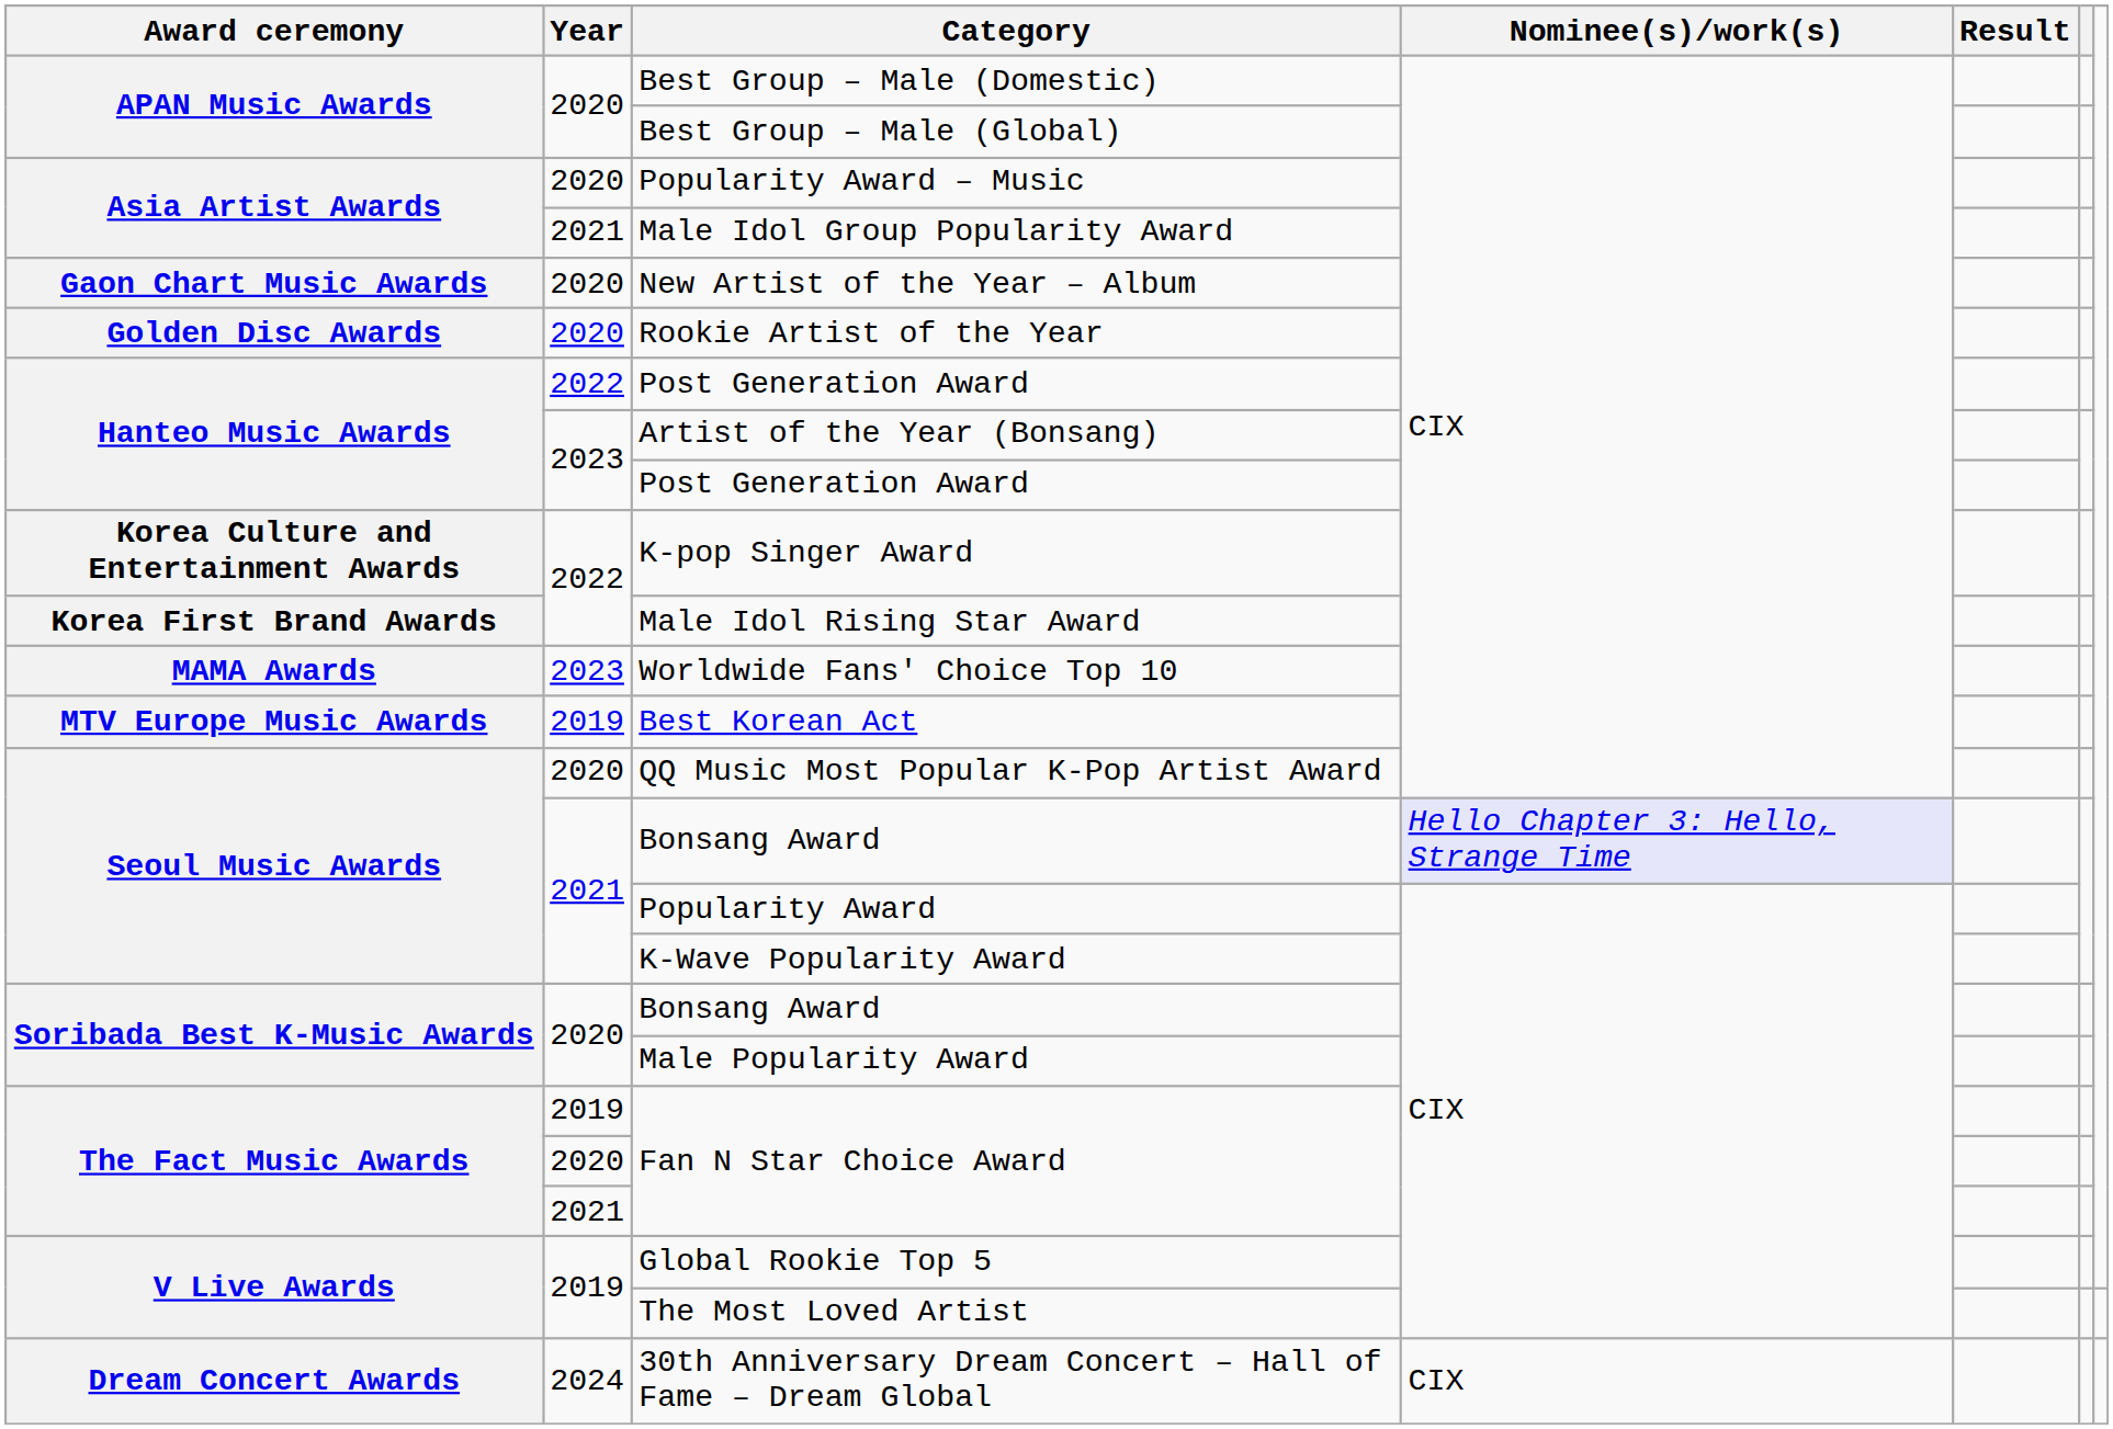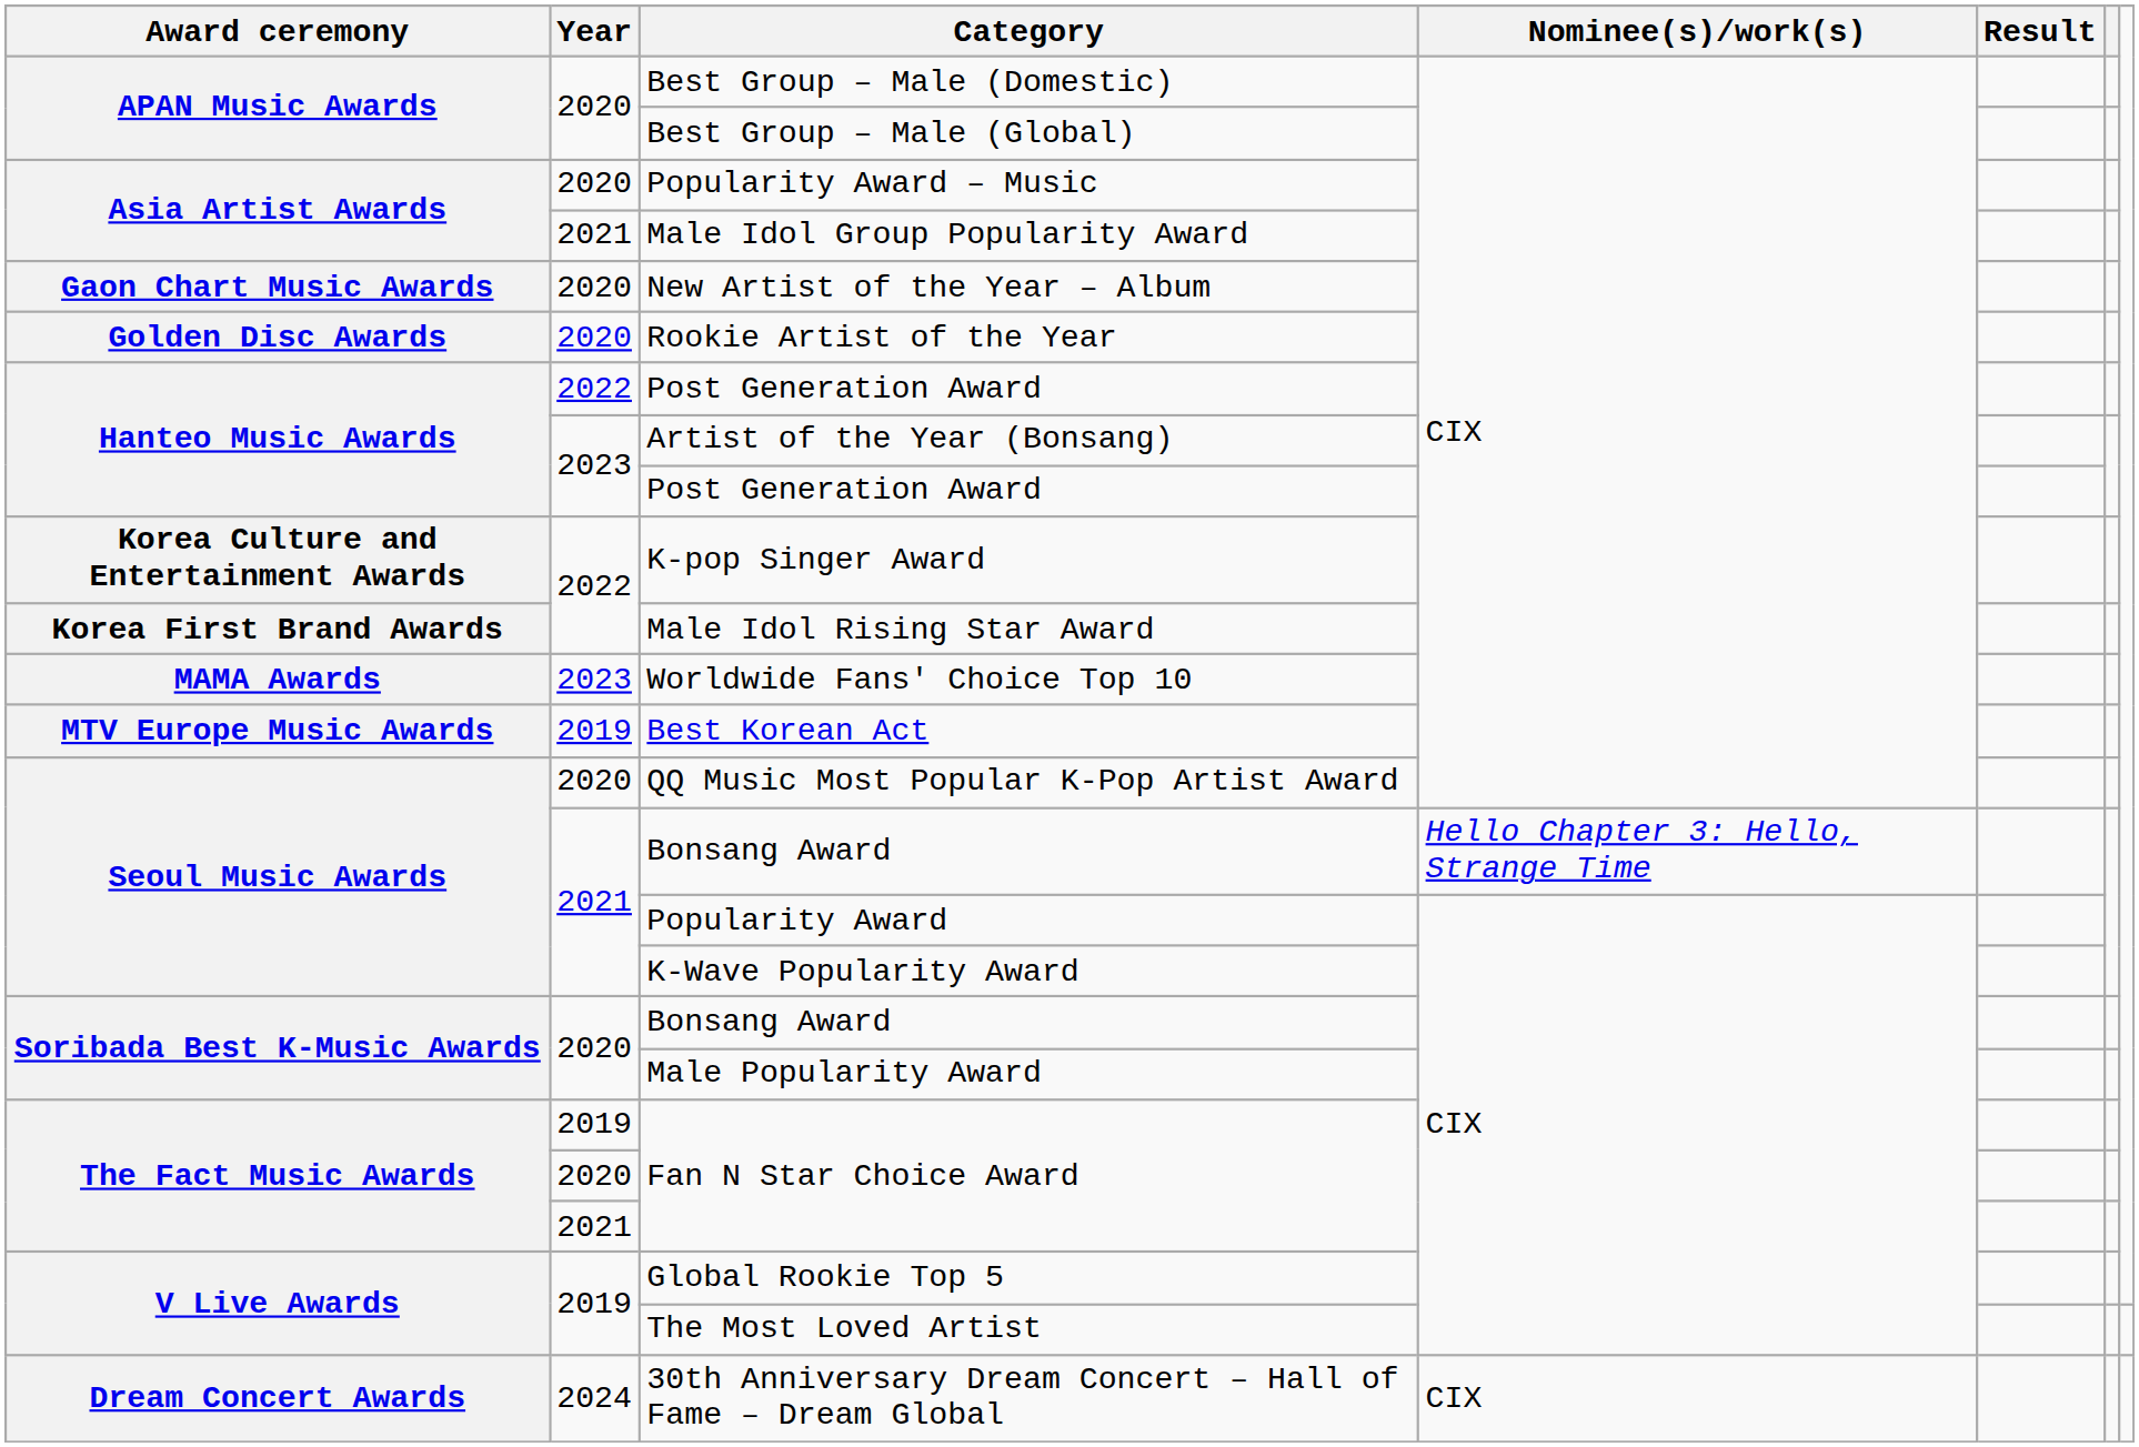 <table class="wikitable plainrowheaders sortable" style="width: 100%">
 <tr>
 <th scope="col">Award ceremony</th>
 <th scope="col">Year</th>
 <th scope="col">Category</th>
 <th scope="col">Nominee(s)/work(s)</th>
 <th scope="col">Result</th>
 <th scope="col" class="unsortable"></th>
 </tr>
 <tr>
 <th scope="row" rowspan="2"><a href='#'>APAN Music Awards</a></th>
 <td rowspan="2">2020</td>
 <td>Best Group – Male (Domestic)</td>
 <td rowspan="14">CIX</td>
 <td></td>
 <td style="text-align:center"></td>
 </tr>
 <tr>
 <td>Best Group – Male (Global)</td>
 <td></td>
 <td style="text-align:center"></td>
 </tr>
 <tr>
 <th scope="row" rowspan="2"><a href='#'>Asia Artist Awards</a></th>
 <td>2020</td>
 <td>Popularity Award – Music</td>
 <td></td>
 <td style="text-align:center"></td>
 </tr>
 <tr>
 <td>2021</td>
 <td>Male Idol Group Popularity Award</td>
 <td></td>
 <td style="text-align:center"></td>
 </tr>
 <tr>
 <th scope="row"><a href='#'>Gaon Chart Music Awards</a></th>
 <td>2020</td>
 <td>New Artist of the Year – Album</td>
 <td></td>
 <td style="text-align:center"></td>
 </tr>
 <tr>
 <th scope="row"><a href='#'>Golden Disc Awards</a></th>
 <td><a href='#'>2020</a></td>
 <td>Rookie Artist of the Year</td>
 <td></td>
 <td style="text-align:center"></td>
 </tr>
 <tr>
 <th scope="row" rowspan="3"><a href='#'>Hanteo Music Awards</a></th>
 <td><a href='#'>2022</a></td>
 <td>Post Generation Award</td>
 <td></td>
 <td style="text-align:center"></td>
 </tr>
 <tr>
 <td rowspan="2">2023</td>
 <td>Artist of the Year (Bonsang)</td>
 <td></td>
 <td rowspan="2" style="text-align:center"></td>
 </tr>
 <tr>
 <td>Post Generation Award</td>
 <td></td>
 </tr>
 <tr>
 <th scope="row">Korea Culture and Entertainment Awards</th>
 <td rowspan="2">2022</td>
 <td>K-pop Singer Award</td>
 <td></td>
 <td style="text-align:center"></td>
 </tr>
 <tr>
 <th scope="row">Korea First Brand Awards</th>
 <td>Male Idol Rising Star Award</td>
 <td></td>
 <td style="text-align:center"></td>
 </tr>
 <tr>
 <th scope="row"><a href='#'>MAMA Awards</a></th>
 <td><a href='#'>2023</a></td>
 <td>Worldwide Fans' Choice Top 10</td>
 <td></td>
 <td style="text-align:center"></td>
 </tr>
 <tr>
 <th scope="row"><a href='#'>MTV Europe Music Awards</a></th>
 <td><a href='#'>2019</a></td>
 <td><a href='#'>Best Korean Act</a></td>
 <td></td>
 <td style="text-align:center"></td>
 </tr>
 <tr>
 <th scope="row" rowspan="4"><a href='#'>Seoul Music Awards</a></th>
 <td>2020</td>
 <td>QQ Music Most Popular K-Pop Artist Award</td>
 <td></td>
 <td style="text-align:center"></td>
 </tr>
 <tr>
 <td rowspan="3"><a href='#'>2021</a></td>
 <td>Bonsang Award</td>
-<td style="background: lavender;"><em><a href='#'>Hello Chapter 3: Hello, Strange Time</a></em></td>
+<td><em><a href='#'>Hello Chapter 3: Hello, Strange Time</a></em></td>
 <td></td>
 <td rowspan="3" style="text-align:center"></td>
 </tr>
 <tr>
 <td>Popularity Award</td>
 <td rowspan="9">CIX</td>
 <td></td>
 </tr>
 <tr>
 <td>K-Wave Popularity Award</td>
 <td></td>
 </tr>
 <tr>
 <th scope="row" rowspan="2"><a href='#'>Soribada Best K-Music Awards</a></th>
 <td rowspan="2">2020</td>
 <td>Bonsang Award</td>
 <td></td>
 <td style="text-align:center"></td>
 </tr>
 <tr>
 <td>Male Popularity Award</td>
 <td></td>
 <td style="text-align:center"></td>
 </tr>
 <tr>
 <th scope="row" rowspan="3"><a href='#'>The Fact Music Awards</a></th>
 <td>2019</td>
 <td rowspan="3">Fan N Star Choice Award</td>
 <td></td>
 <td style="text-align:center"></td>
 </tr>
 <tr>
 <td>2020</td>
 <td></td>
 <td style="text-align:center"></td>
 </tr>
 <tr>
 <td>2021</td>
 <td></td>
 <td style="text-align:center"></td>
 </tr>
 <tr>
 <th scope="row" rowspan="2"><a href='#'>V Live Awards</a></th>
 <td rowspan="2">2019</td>
 <td>Global Rookie Top 5</td>
 <td></td>
 <td style="text-align:center"></td>
 </tr>
 <tr>
 <td>The Most Loved Artist</td>
 <td></td>
 <td style="text-align:center"></td>
 <td></td>
 </tr>
 <tr>
 <th scope="row" rowspan="2"><a href='#'>Dream Concert Awards</a></th>
 <td rowspan="2">2024</td>
 <td>30th Anniversary Dream Concert – Hall of Fame – Dream Global</td>
 <td rowspan="9">CIX</td>
 <td></td>
 <td style="text-align:center"></td>
 </tr>
 </table>
